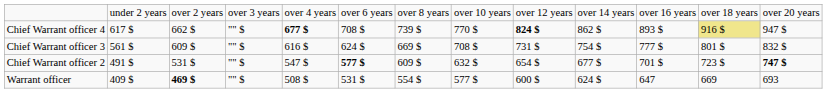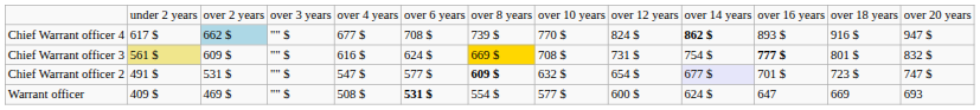 <table class="wikitable mw-collapsible">
 <tr>
 <td></td>
 <td>under 2 years</td>
 <td>over 2 years</td>
 <td>over 3 years</td>
 <td>over 4 years</td>
 <td>over 6 years</td>
 <td>over 8 years</td>
 <td>over 10 years</td>
 <td>over 12 years</td>
 <td>over 14 years</td>
 <td>over 16 years</td>
 <td>over 18 years</td>
 <td>over 20 years</td>
 </tr>
 <tr>
 <td>Chief Warrant officer 4</td>
 <td>617 $</td>
-<td>662 $</td>
+<td style="background: lightblue;">662 $</td>
 <td>"" $</td>
-<td><strong>677 $</strong></td>
+<td>677 $</td>
 <td>708 $</td>
 <td>739 $</td>
 <td>770 $</td>
-<td><strong>824 $</strong></td>
-<td>862 $</td>
+<td>824 $</td>
+<td><strong>862 $</strong></td>
 <td>893 $</td>
-<td style="background: khaki;">916 $</td>
+<td>916 $</td>
 <td>947 $</td>
 </tr>
 <tr>
 <td>Chief Warrant officer 3</td>
-<td>561 $</td>
+<td style="background: khaki;">561 $</td>
 <td>609 $</td>
 <td>"" $</td>
 <td>616 $</td>
 <td>624 $</td>
-<td>669 $</td>
+<td style="background: gold;">669 $</td>
 <td>708 $</td>
 <td>731 $</td>
 <td>754 $</td>
-<td>777 $</td>
+<td><strong>777 $</strong></td>
 <td>801 $</td>
 <td>832 $</td>
 </tr>
 <tr>
 <td>Chief Warrant officer 2</td>
 <td>491 $</td>
 <td>531 $</td>
 <td>"" $</td>
 <td>547 $</td>
-<td><strong>577 $</strong></td>
-<td>609 $</td>
+<td>577 $</td>
+<td><strong>609 $</strong></td>
 <td>632 $</td>
 <td>654 $</td>
-<td>677 $</td>
+<td style="background: lavender;">677 $</td>
 <td>701 $</td>
 <td>723 $</td>
-<td><strong>747 $</strong></td>
+<td>747 $</td>
 </tr>
 <tr>
 <td>Warrant officer</td>
 <td>409 $</td>
-<td><strong>469 $</strong></td>
+<td>469 $</td>
 <td>"" $</td>
 <td>508 $</td>
-<td>531 $</td>
+<td><strong>531 $</strong></td>
 <td>554 $</td>
 <td>577 $</td>
 <td>600 $</td>
 <td>624 $</td>
 <td>647</td>
 <td>669</td>
 <td>693</td>
 </tr>
 </table>
